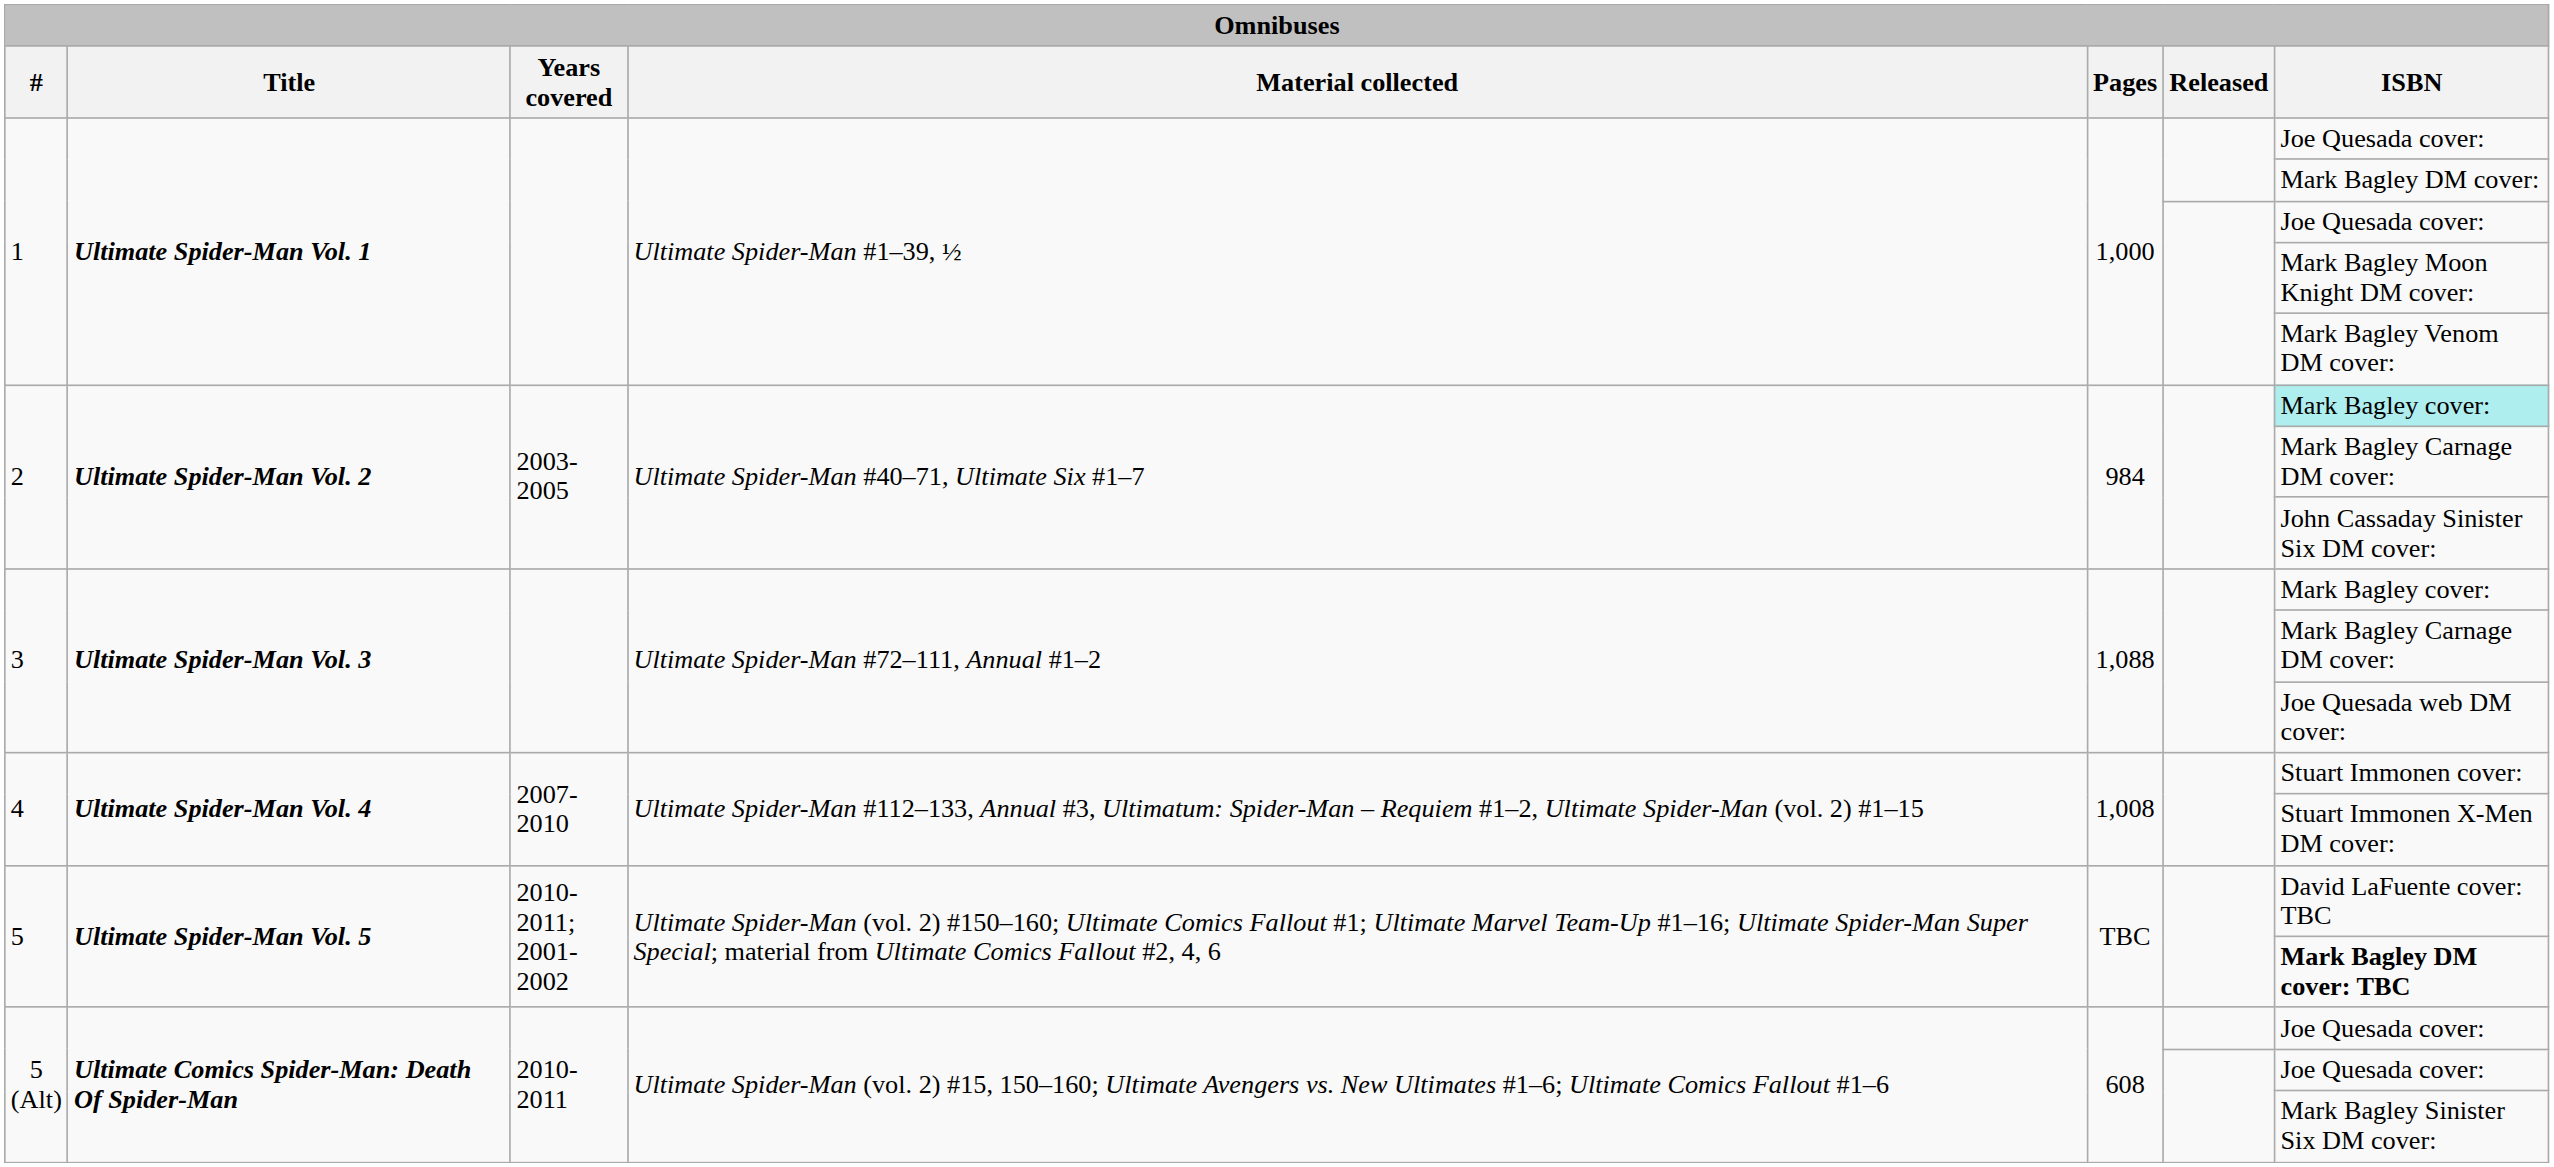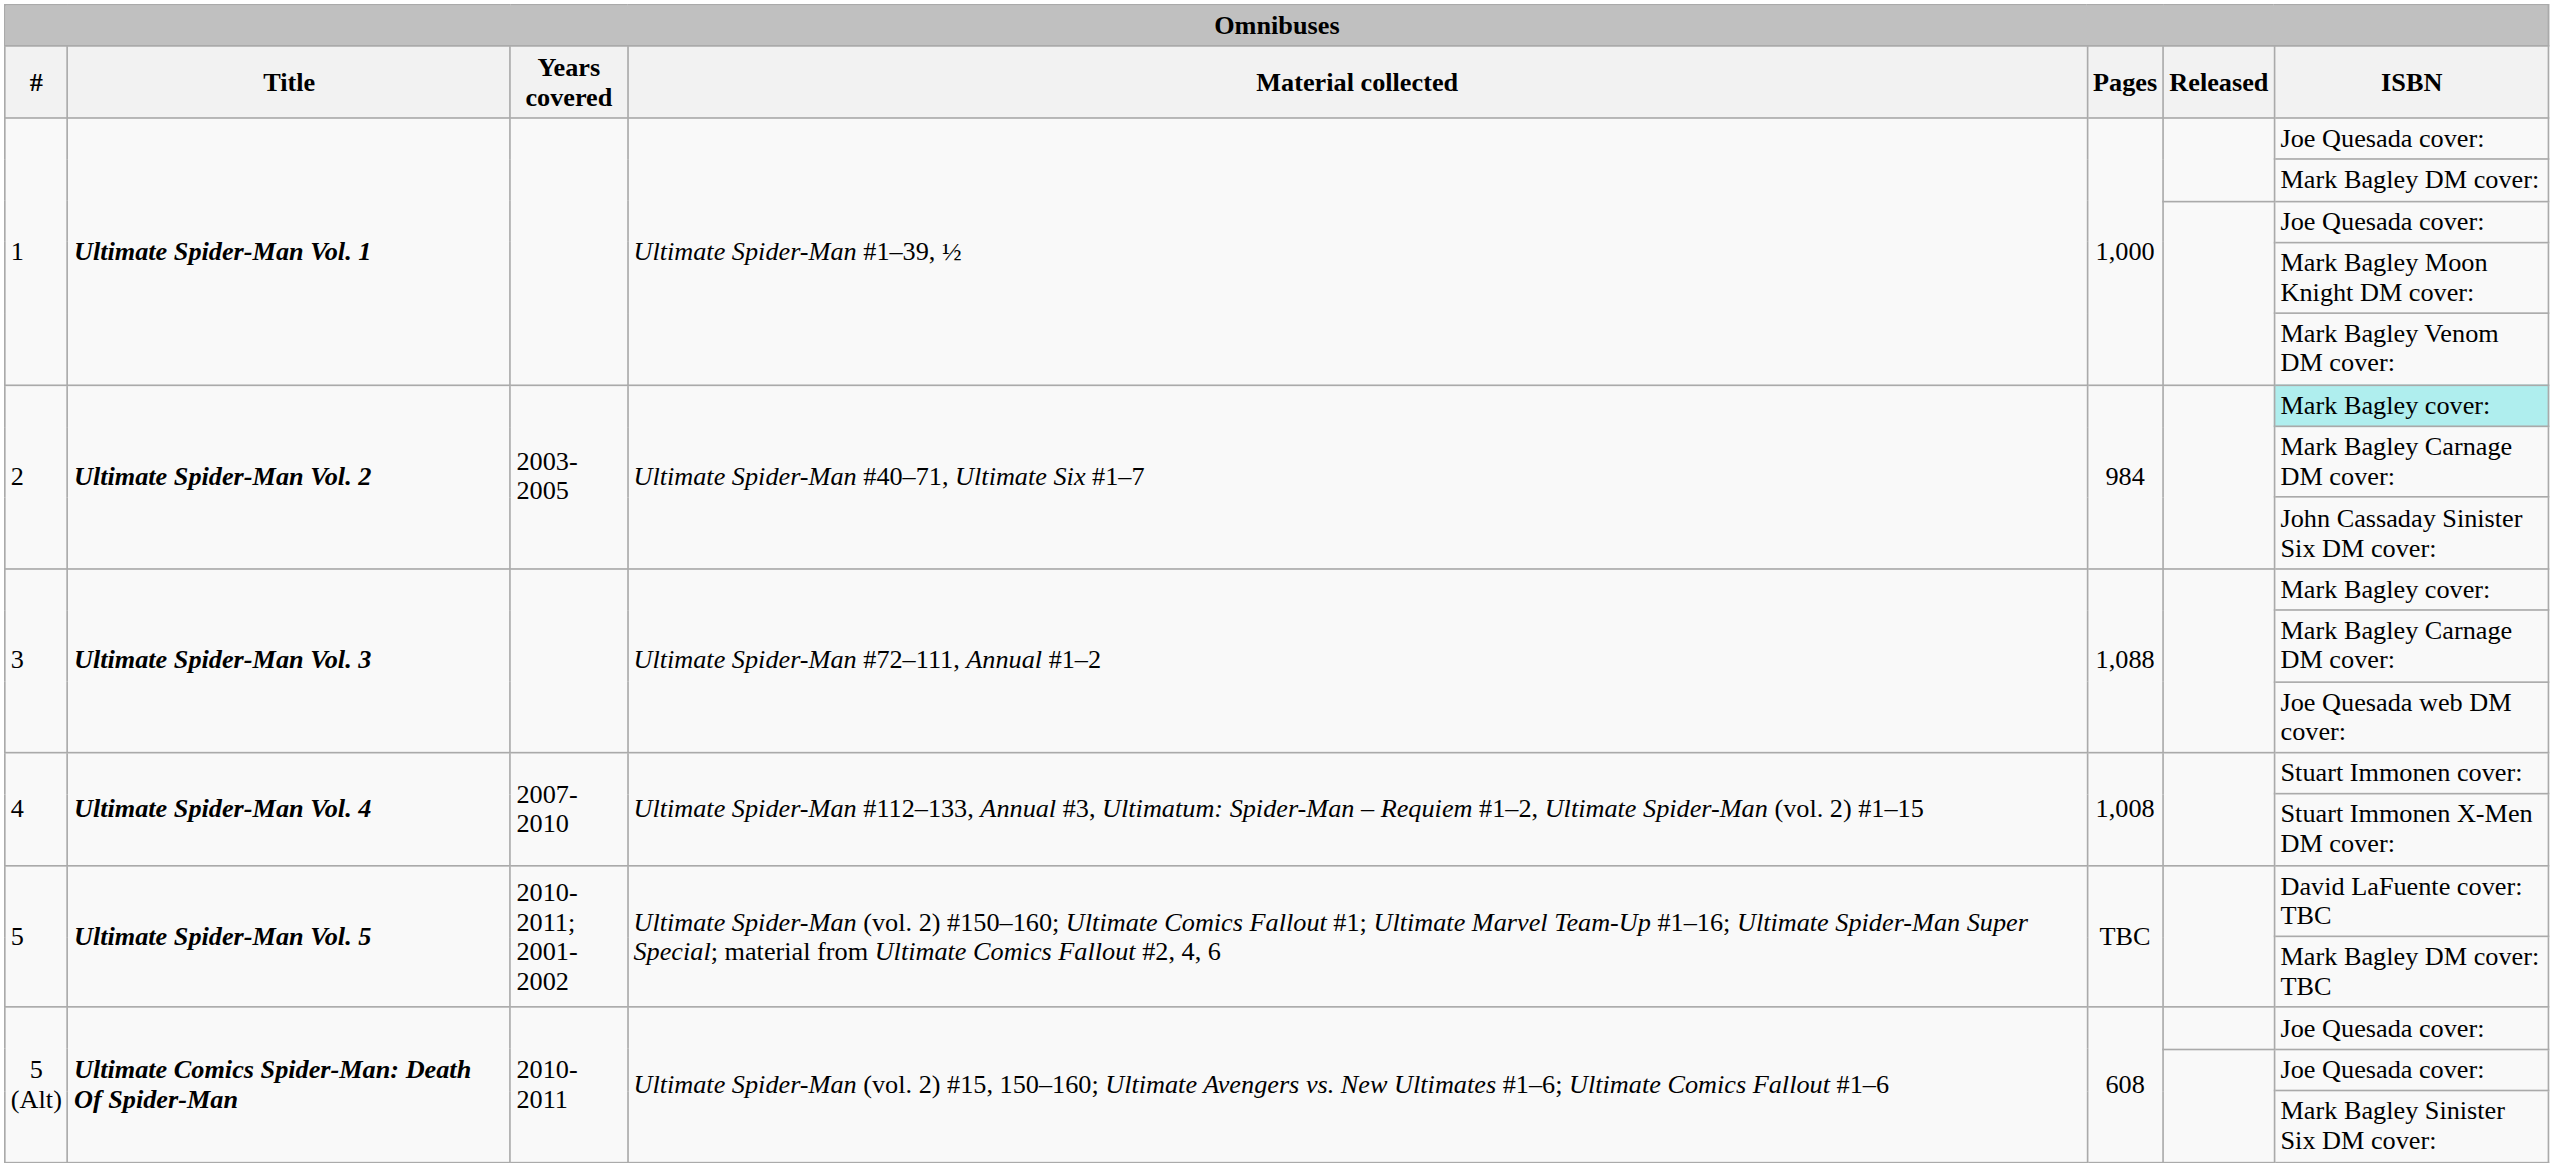 <table class="wikitable sortable" width=98%>
 <tr>
 <th colspan="8" style="background-color: silver;">Omnibuses</th>
 </tr>
 <tr>
 <th width="4px">#</th>
 <th>Title</th>
 <th style="width: 4em;">Years covered</th>
 <th>Material collected</th>
 <th>Pages</th>
 <th>Released</th>
 <th class="unsortable" style="width: 10em;">ISBN</th>
 </tr>
 <tr>
 <td rowspan="5">1</td>
 <td rowspan="5"><strong><em>Ultimate Spider-Man Vol. 1</em></strong></td>
 <td rowspan="5"></td>
 <td rowspan="5"><em>Ultimate Spider-Man</em> #1–39, ½</td>
 <td style="text-align: center;" rowspan=5>1,000</td>
 <td rowspan="2"></td>
 <td>Joe Quesada cover: </td>
 </tr>
 <tr>
 <td>Mark Bagley DM cover: </td>
 </tr>
 <tr>
 <td rowspan="3"></td>
 <td>Joe Quesada cover: </td>
 </tr>
 <tr>
 <td>Mark Bagley Moon Knight DM cover: </td>
 </tr>
 <tr>
 <td>Mark Bagley Venom DM cover: </td>
 </tr>
 <tr>
 <td rowspan="3">2</td>
 <td rowspan="3"><strong><em>Ultimate Spider-Man Vol. 2</em></strong></td>
 <td rowspan="3">2003-2005</td>
 <td rowspan="3"><em>Ultimate Spider-Man</em> #40–71, <em>Ultimate Six</em> #1–7</td>
 <td style="text-align: center;" rowspan=3>984</td>
 <td rowspan="3"></td>
 <td style="background: paleturquoise;">Mark Bagley cover: </td>
 </tr>
 <tr>
 <td>Mark Bagley Carnage DM cover: </td>
 </tr>
 <tr>
 <td>John Cassaday Sinister Six DM cover: </td>
 </tr>
 <tr>
 <td rowspan="3">3</td>
 <td rowspan="3"><strong><em>Ultimate Spider-Man Vol. 3</em></strong></td>
 <td rowspan="3"></td>
 <td rowspan="3"><em>Ultimate Spider-Man</em> #72–111, <em>Annual</em> #1–2</td>
 <td style="text-align: center;" rowspan=3>1,088</td>
 <td rowspan="3"></td>
 <td>Mark Bagley cover: </td>
 </tr>
 <tr>
 <td>Mark Bagley Carnage DM cover: </td>
 </tr>
 <tr>
 <td>Joe Quesada web DM cover: </td>
 </tr>
 <tr>
 <td rowspan="2">4</td>
 <td rowspan="2"><strong><em>Ultimate Spider-Man Vol. 4</em></strong></td>
 <td rowspan="2">2007-2010</td>
 <td rowspan="2"><em>Ultimate Spider-Man</em> #112–133, <em>Annual</em> #3, <em>Ultimatum: Spider-Man – Requiem</em> #1–2, <em>Ultimate Spider-Man</em> (vol. 2) #1–15</td>
 <td style="text-align: center;" rowspan=2>1,008</td>
 <td rowspan="2"></td>
 <td>Stuart Immonen cover: </td>
 </tr>
 <tr>
 <td>Stuart Immonen X-Men DM cover: </td>
 </tr>
 <tr>
 <td rowspan="2">5</td>
 <td rowspan="2"><strong><em>Ultimate Spider-Man Vol. 5</em></strong></td>
 <td rowspan="2">2010-2011; 2001-2002</td>
 <td rowspan="2"><em>Ultimate Spider-Man</em> (vol. 2) #150–160; <em>Ultimate Comics Fallout</em> #1; <em>Ultimate Marvel Team-Up</em> #1–16; <em>Ultimate Spider-Man Super Special</em>; material from <em>Ultimate Comics Fallout</em> #2, 4, 6</td>
 <td style="text-align: center;" rowspan=2>TBC</td>
 <td rowspan="2"></td>
 <td>David LaFuente cover: TBC</td>
 </tr>
 <tr>
-<td><strong>Mark Bagley DM cover: TBC</strong></td>
+<td>Mark Bagley DM cover: TBC</td>
 </tr>
 <tr>
 <td rowspan="3" style="text-align: center;">5 (Alt)</td>
 <td rowspan="3"><strong><em>Ultimate Comics Spider-Man: Death Of Spider-Man</em></strong></td>
 <td rowspan="3">2010-2011</td>
 <td rowspan="3"><em>Ultimate Spider-Man</em> (vol. 2) #15, 150–160; <em>Ultimate Avengers vs. New Ultimates</em> #1–6; <em>Ultimate Comics Fallout</em> #1–6</td>
 <td style="text-align: center;" rowspan=3>608</td>
 <td></td>
 <td>Joe Quesada cover: </td>
 </tr>
 <tr>
 <td rowspan="2"></td>
 <td>Joe Quesada cover: </td>
 </tr>
 <tr>
 <td>Mark Bagley Sinister Six DM cover: </td>
 </tr>
 </table>
